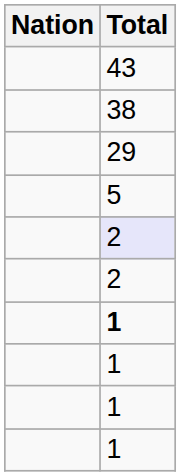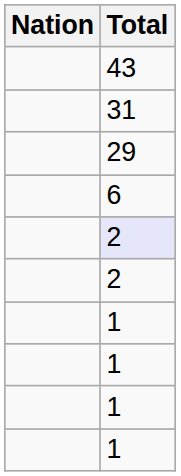 <table class="wikitable sortable">
 <tr>
 <th scope="col">Nation</th>
 <th scope="col">Total</th>
 </tr>
 <tr>
 <td></td>
 <td>43</td>
 </tr>
 <tr>
 <td></td>
-<td>38</td>
+<td>31</td>
 </tr>
 <tr>
 <td></td>
 <td>29</td>
 </tr>
 <tr>
 <td></td>
-<td>5</td>
+<td>6</td>
 </tr>
 <tr>
 <td></td>
 <td style="background: lavender;">2</td>
 </tr>
 <tr>
 <td></td>
 <td>2</td>
 </tr>
 <tr>
 <td></td>
-<td><strong>1</strong></td>
+<td>1</td>
 </tr>
 <tr>
 <td></td>
 <td>1</td>
 </tr>
 <tr>
 <td></td>
 <td>1</td>
 </tr>
 <tr>
 <td></td>
 <td>1</td>
 </tr>
 </table>
